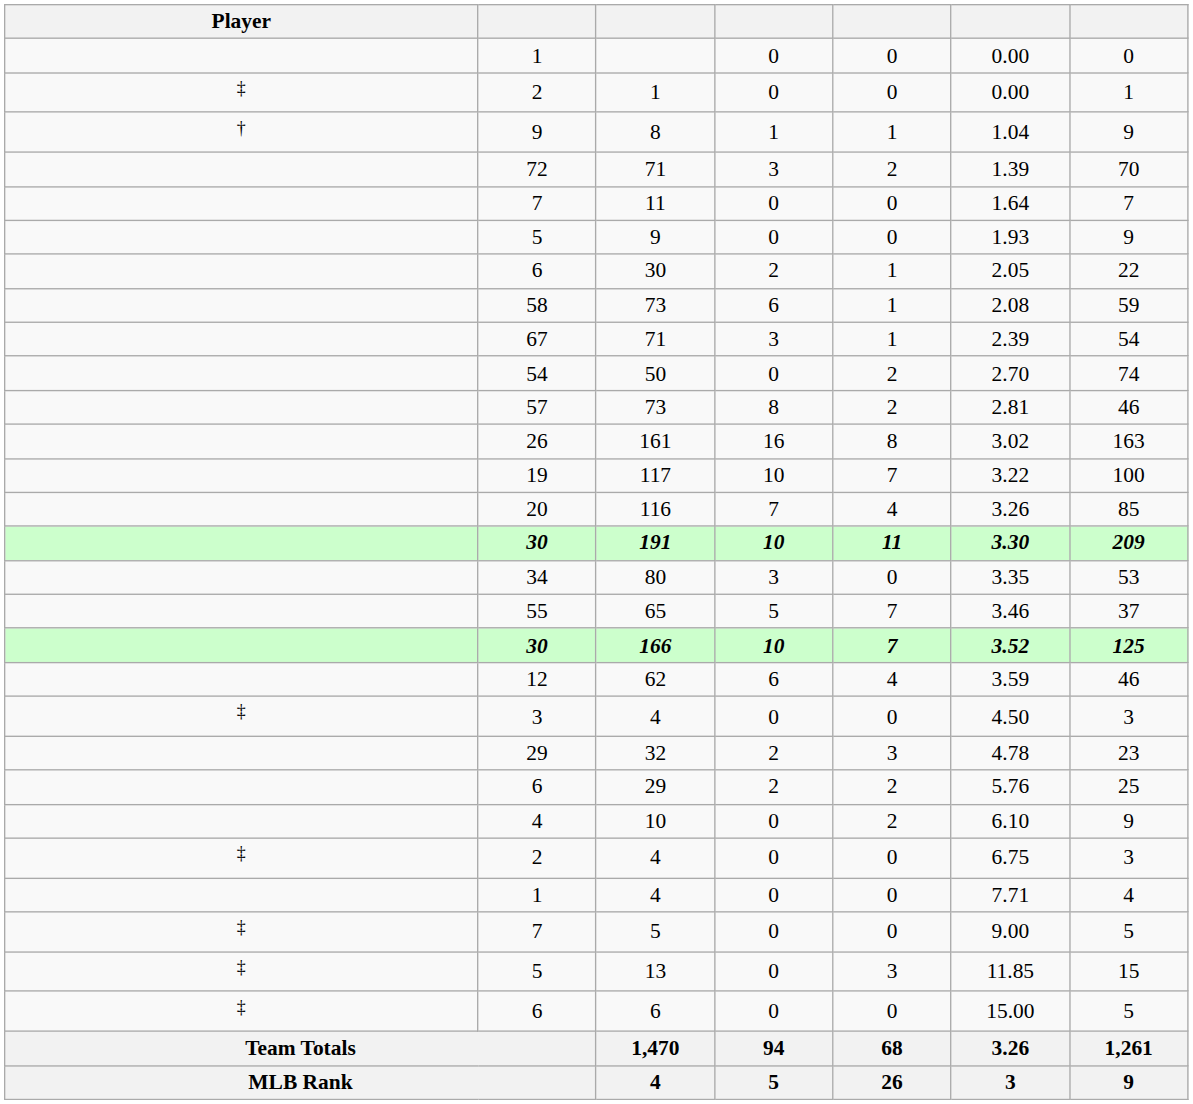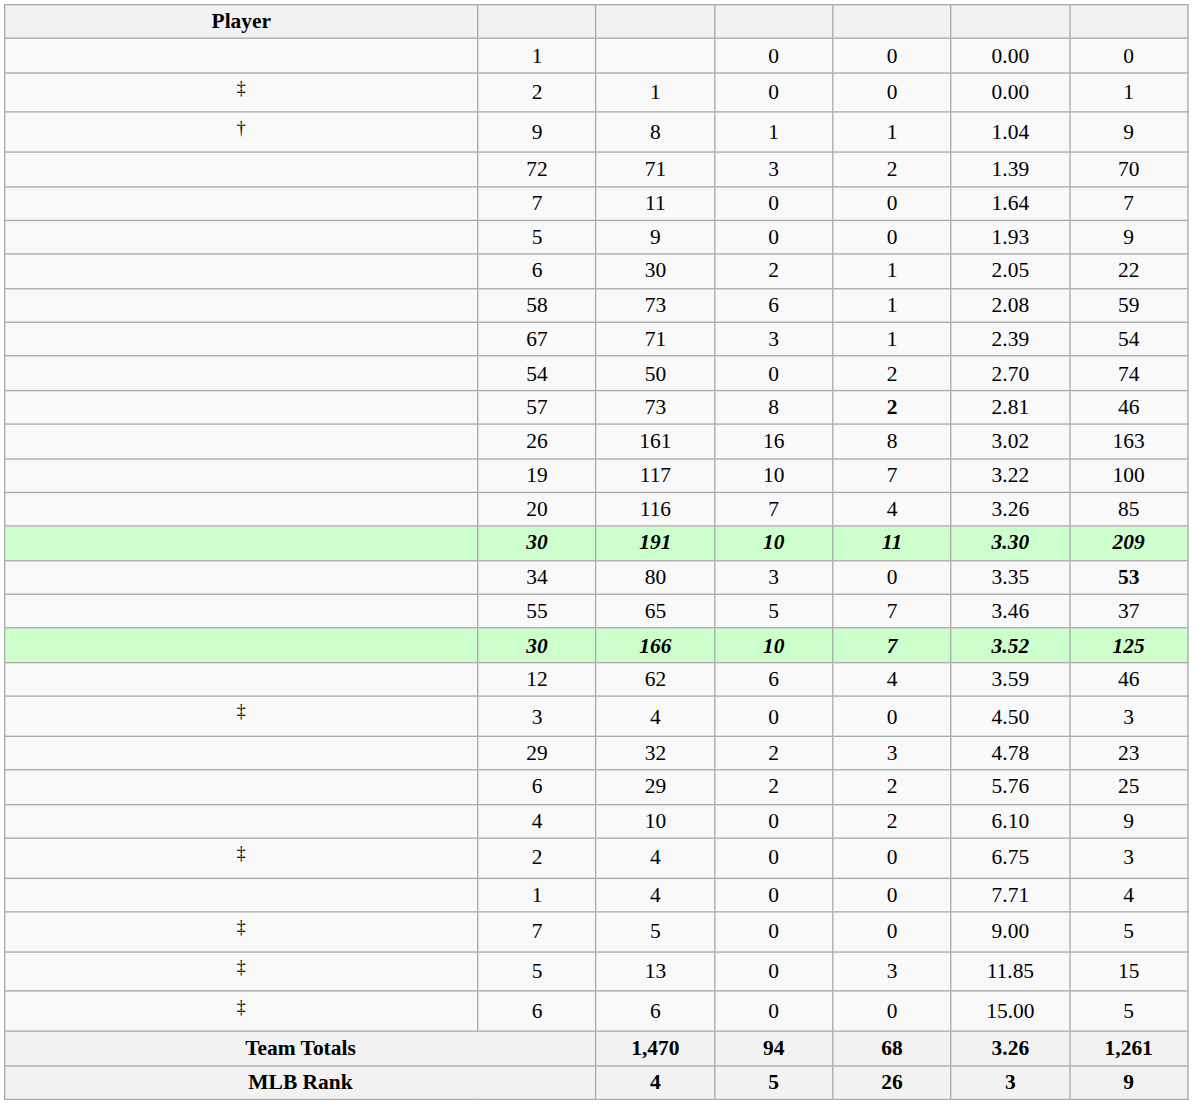 <table class="wikitable sortable" style="text-align:center;" width="100%">
 <tr>
 <th width="40%">Player</th>
 <th width="10%"></th>
 <th width="10%" data-sort-type="number"></th>
 <th width="10%"></th>
 <th width="10%"></th>
 <th width="10%"></th>
 <th width="10%"></th>
 </tr>
 <tr>
 <td></td>
 <td>1</td>
 <td></td>
 <td>0</td>
 <td>0</td>
 <td>0.00</td>
 <td>0</td>
 </tr>
 <tr>
 <td><sup>‡</sup></td>
 <td>2</td>
 <td>1</td>
 <td>0</td>
 <td>0</td>
 <td>0.00</td>
 <td>1</td>
 </tr>
 <tr>
 <td><sup>†</sup></td>
 <td>9</td>
 <td>8</td>
 <td>1</td>
 <td>1</td>
 <td>1.04</td>
 <td>9</td>
 </tr>
 <tr>
 <td></td>
 <td>72</td>
 <td>71</td>
 <td>3</td>
 <td>2</td>
 <td>1.39</td>
 <td>70</td>
 </tr>
 <tr>
 <td></td>
 <td>7</td>
 <td>11</td>
 <td>0</td>
 <td>0</td>
 <td>1.64</td>
 <td>7</td>
 </tr>
 <tr>
 <td></td>
 <td>5</td>
 <td>9</td>
 <td>0</td>
 <td>0</td>
 <td>1.93</td>
 <td>9</td>
 </tr>
 <tr>
 <td></td>
 <td>6</td>
 <td>30</td>
 <td>2</td>
 <td>1</td>
 <td>2.05</td>
 <td>22</td>
 </tr>
 <tr>
 <td></td>
 <td>58</td>
 <td>73</td>
 <td>6</td>
 <td>1</td>
 <td>2.08</td>
 <td>59</td>
 </tr>
 <tr>
 <td></td>
 <td>67</td>
 <td>71</td>
 <td>3</td>
 <td>1</td>
 <td>2.39</td>
 <td>54</td>
 </tr>
 <tr>
 <td></td>
 <td>54</td>
 <td>50</td>
 <td>0</td>
 <td>2</td>
 <td>2.70</td>
 <td>74</td>
 </tr>
 <tr>
 <td></td>
 <td>57</td>
 <td>73</td>
 <td>8</td>
-<td>2</td>
+<td><strong>2</strong></td>
 <td>2.81</td>
 <td>46</td>
 </tr>
 <tr>
 <td></td>
 <td>26</td>
 <td>161</td>
 <td>16</td>
 <td>8</td>
 <td>3.02</td>
 <td>163</td>
 </tr>
 <tr>
 <td></td>
 <td>19</td>
 <td>117</td>
 <td>10</td>
 <td>7</td>
 <td>3.22</td>
 <td>100</td>
 </tr>
 <tr>
 <td></td>
 <td>20</td>
 <td>116</td>
 <td>7</td>
 <td>4</td>
 <td>3.26</td>
 <td>85</td>
 </tr>
 <tr style="background:#cfc; font-weight:bold; font-style:italic;">
 <td></td>
 <td>30</td>
 <td>191</td>
 <td>10</td>
 <td>11</td>
 <td>3.30</td>
 <td>209</td>
 </tr>
 <tr>
 <td></td>
 <td>34</td>
 <td>80</td>
 <td>3</td>
 <td>0</td>
 <td>3.35</td>
-<td>53</td>
+<td><strong>53</strong></td>
 </tr>
 <tr>
 <td></td>
 <td>55</td>
 <td>65</td>
 <td>5</td>
 <td>7</td>
 <td>3.46</td>
 <td>37</td>
 </tr>
 <tr style="background:#cfc; font-weight:bold; font-style:italic;">
 <td></td>
 <td>30</td>
 <td>166</td>
 <td>10</td>
 <td>7</td>
 <td>3.52</td>
 <td>125</td>
 </tr>
 <tr>
 <td></td>
 <td>12</td>
 <td>62</td>
 <td>6</td>
 <td>4</td>
 <td>3.59</td>
 <td>46</td>
 </tr>
 <tr>
 <td><sup>‡</sup></td>
 <td>3</td>
 <td>4</td>
 <td>0</td>
 <td>0</td>
 <td>4.50</td>
 <td>3</td>
 </tr>
 <tr>
 <td></td>
 <td>29</td>
 <td>32</td>
 <td>2</td>
 <td>3</td>
 <td>4.78</td>
 <td>23</td>
 </tr>
 <tr>
 <td></td>
 <td>6</td>
 <td>29</td>
 <td>2</td>
 <td>2</td>
 <td>5.76</td>
 <td>25</td>
 </tr>
 <tr>
 <td></td>
 <td>4</td>
 <td>10</td>
 <td>0</td>
 <td>2</td>
 <td>6.10</td>
 <td>9</td>
 </tr>
 <tr>
 <td><sup>‡</sup></td>
 <td>2</td>
 <td>4</td>
 <td>0</td>
 <td>0</td>
 <td>6.75</td>
 <td>3</td>
 </tr>
 <tr>
 <td></td>
 <td>1</td>
 <td>4</td>
 <td>0</td>
 <td>0</td>
 <td>7.71</td>
 <td>4</td>
 </tr>
 <tr>
 <td><sup>‡</sup></td>
 <td>7</td>
 <td>5</td>
 <td>0</td>
 <td>0</td>
 <td>9.00</td>
 <td>5</td>
 </tr>
 <tr>
 <td><sup>‡</sup></td>
 <td>5</td>
 <td>13</td>
 <td>0</td>
 <td>3</td>
 <td>11.85</td>
 <td>15</td>
 </tr>
 <tr>
 <td><sup>‡</sup></td>
 <td>6</td>
 <td>6</td>
 <td>0</td>
 <td>0</td>
 <td>15.00</td>
 <td>5</td>
 </tr>
 <tr>
 <th colspan="2">Team Totals</th>
 <th>1,470</th>
 <th>94</th>
 <th>68</th>
 <th>3.26</th>
 <th>1,261</th>
 </tr>
 <tr>
 <th colspan="2">MLB Rank</th>
 <th>4</th>
 <th>5</th>
 <th>26</th>
 <th>3</th>
 <th>9</th>
 </tr>
 </table>
